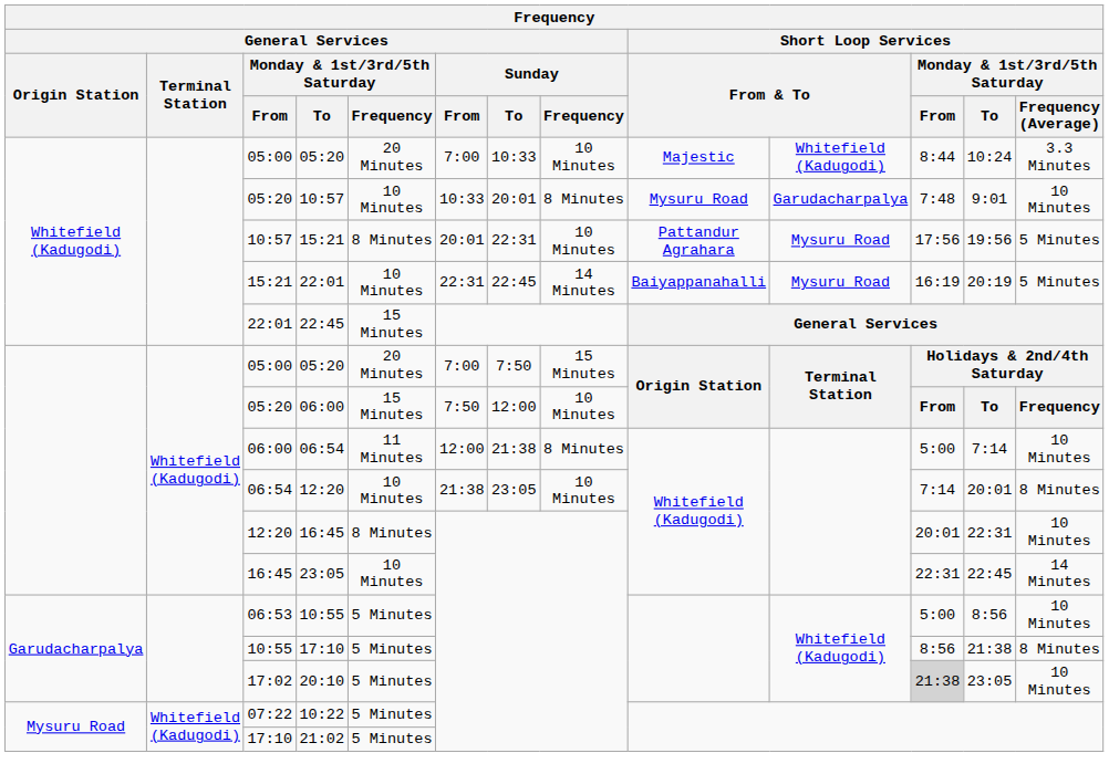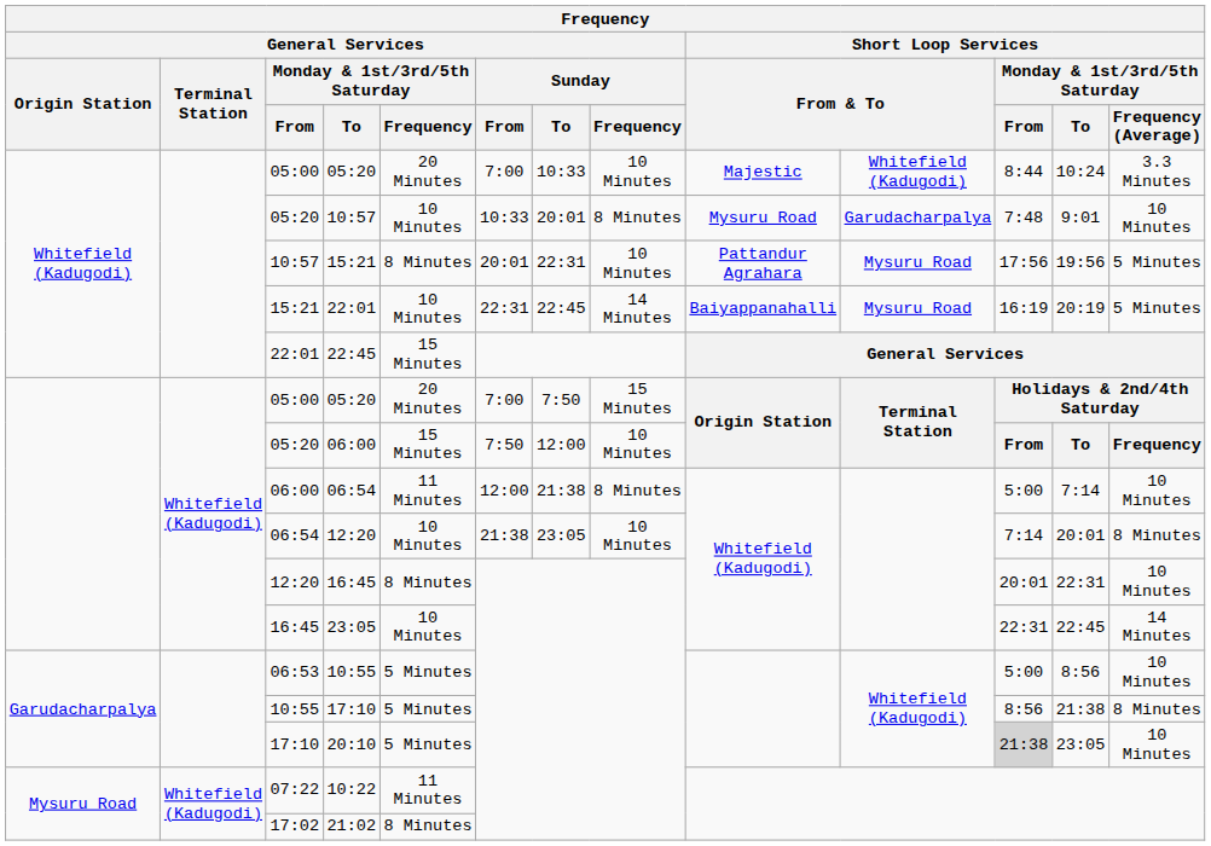 <table class="wikitable" style="text-align: center;">
 <tr>
 <th colspan="13" style="background:#"><span><strong>Frequency</strong></span></th>
 </tr>
 <tr>
 <th colspan="8" style="background:#"><span><strong>General Services</strong></span></th>
 <th colspan="5" style="background:#"><span><strong>Short Loop Services</strong></span></th>
 </tr>
 <tr>
 <th rowspan="2">Origin Station</th>
 <th rowspan="2">Terminal Station</th>
 <th colspan="3">Monday & 1st/3rd/5th Saturday</th>
 <th colspan="3">Sunday</th>
 <th colspan="2" rowspan="2">From & To</th>
 <th colspan="3">Monday & 1st/3rd/5th Saturday</th>
 </tr>
 <tr>
 <th>From</th>
 <th>To</th>
 <th>Frequency</th>
 <th>From</th>
 <th>To</th>
 <th>Frequency</th>
 <th>From</th>
 <th>To</th>
 <th>Frequency (Average)</th>
 </tr>
 <tr>
 <td rowspan="5"><a href='#'>Whitefield (Kadugodi)</a></td>
 <td rowspan="5"></td>
 <td>05:00</td>
 <td>05:20</td>
 <td>20 Minutes</td>
 <td>7:00</td>
 <td>10:33</td>
 <td>10 Minutes</td>
 <td><a href='#'>Majestic</a></td>
 <td><a href='#'>Whitefield (Kadugodi)</a></td>
 <td>8:44</td>
 <td>10:24</td>
 <td>3.3 Minutes</td>
 </tr>
 <tr>
 <td>05:20</td>
 <td>10:57</td>
 <td>10 Minutes</td>
 <td>10:33</td>
 <td>20:01</td>
 <td>8 Minutes</td>
 <td><a href='#'>Mysuru Road</a></td>
 <td><a href='#'>Garudacharpalya</a></td>
 <td>7:48</td>
 <td>9:01</td>
 <td>10 Minutes</td>
 </tr>
 <tr>
 <td>10:57</td>
 <td>15:21</td>
 <td>8 Minutes</td>
 <td>20:01</td>
 <td>22:31</td>
 <td>10 Minutes</td>
 <td><a href='#'>Pattandur Agrahara</a></td>
 <td><a href='#'>Mysuru Road</a></td>
 <td>17:56</td>
 <td>19:56</td>
 <td>5 Minutes</td>
 </tr>
 <tr>
 <td>15:21</td>
 <td>22:01</td>
 <td>10 Minutes</td>
 <td>22:31</td>
 <td>22:45</td>
 <td>14 Minutes</td>
 <td><a href='#'>Baiyappanahalli</a></td>
 <td><a href='#'>Mysuru Road</a></td>
 <td>16:19</td>
 <td>20:19</td>
 <td>5 Minutes</td>
 </tr>
 <tr>
 <td>22:01</td>
 <td>22:45</td>
 <td>15 Minutes</td>
 <td colspan="3"></td>
 <th colspan="5" style="background:#"><span><strong>General Services</strong></span></th>
 </tr>
 <tr>
 <td rowspan="6"></td>
 <td rowspan="6"><a href='#'>Whitefield (Kadugodi)</a></td>
 <td>05:00</td>
 <td>05:20</td>
 <td>20 Minutes</td>
 <td>7:00</td>
 <td>7:50</td>
 <td>15 Minutes</td>
 <th rowspan="2">Origin Station</th>
 <th rowspan="2">Terminal Station</th>
 <th colspan="3">Holidays & 2nd/4th Saturday</th>
 </tr>
 <tr>
 <td>05:20</td>
 <td>06:00</td>
 <td>15 Minutes</td>
 <td>7:50</td>
 <td>12:00</td>
 <td>10 Minutes</td>
 <th>From</th>
 <th>To</th>
 <th>Frequency</th>
 </tr>
 <tr>
 <td>06:00</td>
 <td>06:54</td>
 <td>11 Minutes</td>
 <td>12:00</td>
 <td>21:38</td>
 <td>8 Minutes</td>
 <td rowspan="4"><a href='#'>Whitefield (Kadugodi)</a></td>
 <td rowspan="4"></td>
 <td>5:00</td>
 <td>7:14</td>
 <td>10 Minutes</td>
 </tr>
 <tr>
 <td>06:54</td>
 <td>12:20</td>
 <td>10 Minutes</td>
 <td>21:38</td>
 <td>23:05</td>
 <td>10 Minutes</td>
 <td>7:14</td>
 <td>20:01</td>
 <td>8 Minutes</td>
 </tr>
 <tr>
 <td>12:20</td>
 <td>16:45</td>
 <td>8 Minutes</td>
 <td colspan="3" rowspan="7"></td>
 <td>20:01</td>
 <td>22:31</td>
 <td>10 Minutes</td>
 </tr>
 <tr>
 <td>16:45</td>
 <td>23:05</td>
 <td>10 Minutes</td>
 <td>22:31</td>
 <td>22:45</td>
 <td>14 Minutes</td>
 </tr>
 <tr>
 <td rowspan="3"><a href='#'>Garudacharpalya</a></td>
 <td rowspan="3"></td>
 <td>06:53</td>
 <td>10:55</td>
 <td>5 Minutes</td>
 <td rowspan="3"></td>
 <td rowspan="3"><a href='#'>Whitefield (Kadugodi)</a></td>
 <td>5:00</td>
 <td>8:56</td>
 <td>10 Minutes</td>
 </tr>
 <tr>
 <td>10:55</td>
 <td>17:10</td>
 <td>5 Minutes</td>
 <td>8:56</td>
 <td>21:38</td>
 <td>8 Minutes</td>
 </tr>
 <tr>
-<td>17:02</td>
+<td>17:10</td>
 <td>20:10</td>
 <td>5 Minutes</td>
 <td style="background: lightgrey;">21:38</td>
 <td>23:05</td>
 <td>10 Minutes</td>
 </tr>
 <tr>
 <td rowspan="2"><a href='#'>Mysuru Road</a></td>
 <td rowspan="2"><a href='#'>Whitefield (Kadugodi)</a></td>
 <td>07:22</td>
 <td>10:22</td>
-<td>5 Minutes</td>
+<td>11 Minutes</td>
 <td colspan="5" rowspan="2"></td>
 </tr>
 <tr>
-<td>17:10</td>
+<td>17:02</td>
 <td>21:02</td>
-<td>5 Minutes</td>
+<td>8 Minutes</td>
 </tr>
 </table>
